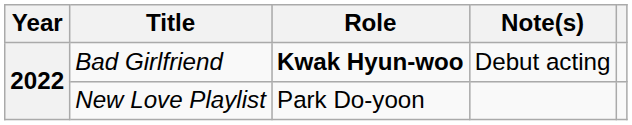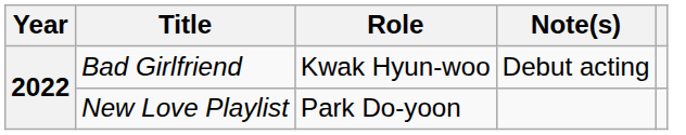 <table class="wikitable plainrowheaders">
 <tr>
 <th scope="col">Year</th>
 <th scope="col">Title</th>
 <th scope="col">Role</th>
 <th scope="col">Note(s)</th>
 <th scope="col"></th>
 </tr>
 <tr>
 <th scope="row" rowspan="2">2022</th>
 <td><em>Bad Girlfriend</em></td>
-<td><strong>Kwak Hyun-woo</strong></td>
+<td>Kwak Hyun-woo</td>
 <td>Debut acting</td>
 <td style="text-align:center"></td>
 </tr>
 <tr>
 <td><em>New Love Playlist</em></td>
 <td>Park Do-yoon</td>
 <td></td>
 <td style="text-align:center"></td>
 </tr>
 </table>
